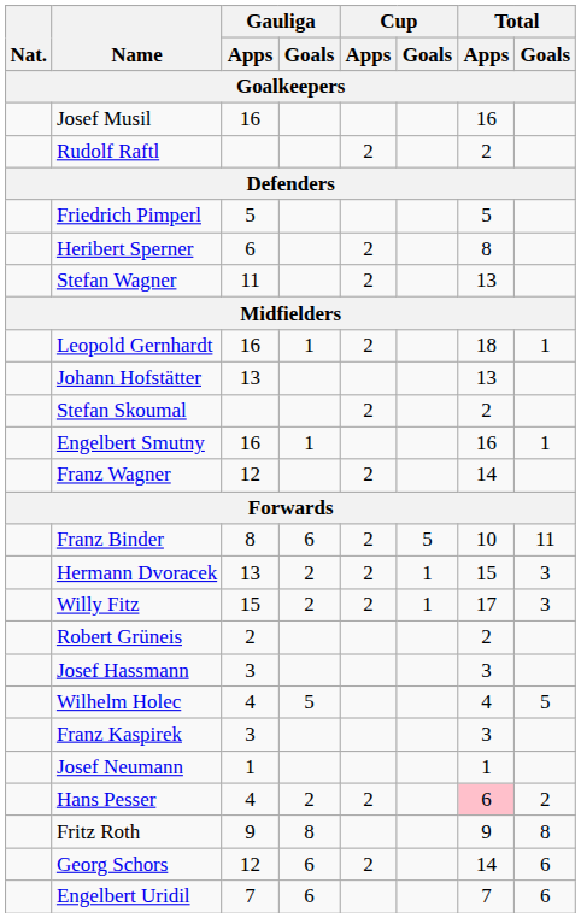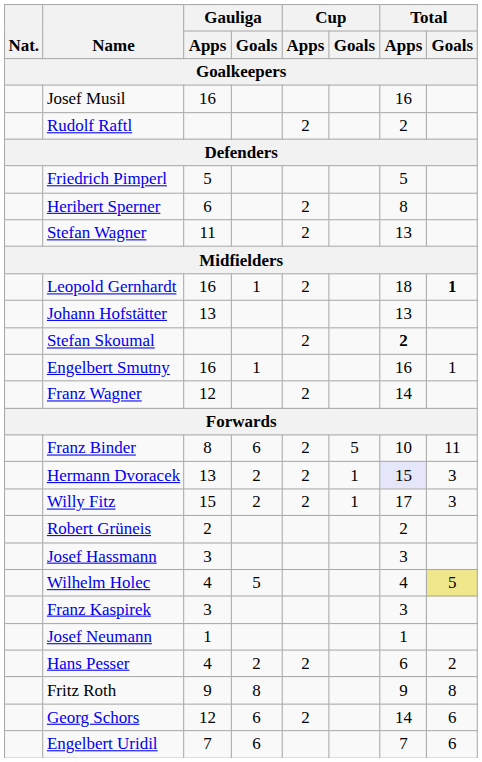 <table class="wikitable" style="text-align:center">
 <tr>
 <th rowspan="2" valign="bottom">Nat.</th>
 <th rowspan="2" valign="bottom">Name</th>
 <th colspan="2" width="85">Gauliga</th>
 <th colspan="2" width="85">Cup</th>
 <th colspan="2" width="85">Total</th>
 </tr>
 <tr>
 <th>Apps</th>
 <th>Goals</th>
 <th>Apps</th>
 <th>Goals</th>
 <th>Apps</th>
 <th>Goals</th>
 </tr>
 <tr>
 <th colspan=20>Goalkeepers</th>
 </tr>
 <tr>
 <td></td>
 <td align="left">Josef Musil</td>
 <td>16</td>
 <td></td>
 <td></td>
 <td></td>
 <td>16</td>
 <td></td>
 </tr>
 <tr>
 <td></td>
 <td align="left"><a href='#'>Rudolf Raftl</a></td>
 <td></td>
 <td></td>
 <td>2</td>
 <td></td>
 <td>2</td>
 <td></td>
 </tr>
 <tr>
 <th colspan=20>Defenders</th>
 </tr>
 <tr>
 <td></td>
 <td align="left"><a href='#'>Friedrich Pimperl</a></td>
 <td>5</td>
 <td></td>
 <td></td>
 <td></td>
 <td>5</td>
 <td></td>
 </tr>
 <tr>
 <td></td>
 <td align="left"><a href='#'>Heribert Sperner</a></td>
 <td>6</td>
 <td></td>
 <td>2</td>
 <td></td>
 <td>8</td>
 <td></td>
 </tr>
 <tr>
 <td></td>
 <td align="left"><a href='#'>Stefan Wagner</a></td>
 <td>11</td>
 <td></td>
 <td>2</td>
 <td></td>
 <td>13</td>
 <td></td>
 </tr>
 <tr>
 <th colspan=20>Midfielders</th>
 </tr>
 <tr>
 <td></td>
 <td align="left"><a href='#'>Leopold Gernhardt</a></td>
 <td>16</td>
 <td>1</td>
 <td>2</td>
 <td></td>
 <td>18</td>
-<td>1</td>
+<td><strong>1</strong></td>
 </tr>
 <tr>
 <td></td>
 <td align="left"><a href='#'>Johann Hofstätter</a></td>
 <td>13</td>
 <td></td>
 <td></td>
 <td></td>
 <td>13</td>
 <td></td>
 </tr>
 <tr>
 <td></td>
 <td align="left"><a href='#'>Stefan Skoumal</a></td>
 <td></td>
 <td></td>
 <td>2</td>
 <td></td>
-<td>2</td>
+<td><strong>2</strong></td>
 <td></td>
 </tr>
 <tr>
 <td></td>
 <td align="left"><a href='#'>Engelbert Smutny</a></td>
 <td>16</td>
 <td>1</td>
 <td></td>
 <td></td>
 <td>16</td>
 <td>1</td>
 </tr>
 <tr>
 <td></td>
 <td align="left"><a href='#'>Franz Wagner</a></td>
 <td>12</td>
 <td></td>
 <td>2</td>
 <td></td>
 <td>14</td>
 <td></td>
 </tr>
 <tr>
 <th colspan=20>Forwards</th>
 </tr>
 <tr>
 <td></td>
 <td align="left"><a href='#'>Franz Binder</a></td>
 <td>8</td>
 <td>6</td>
 <td>2</td>
 <td>5</td>
 <td>10</td>
 <td>11</td>
 </tr>
 <tr>
 <td></td>
 <td align="left"><a href='#'>Hermann Dvoracek</a></td>
 <td>13</td>
 <td>2</td>
 <td>2</td>
 <td>1</td>
-<td>15</td>
+<td style="background: lavender;">15</td>
 <td>3</td>
 </tr>
 <tr>
 <td></td>
 <td align="left"><a href='#'>Willy Fitz</a></td>
 <td>15</td>
 <td>2</td>
 <td>2</td>
 <td>1</td>
 <td>17</td>
 <td>3</td>
 </tr>
 <tr>
 <td></td>
 <td align="left"><a href='#'>Robert Grüneis</a></td>
 <td>2</td>
 <td></td>
 <td></td>
 <td></td>
 <td>2</td>
 <td></td>
 </tr>
 <tr>
 <td></td>
 <td align="left"><a href='#'>Josef Hassmann</a></td>
 <td>3</td>
 <td></td>
 <td></td>
 <td></td>
 <td>3</td>
 <td></td>
 </tr>
 <tr>
 <td></td>
 <td align="left"><a href='#'>Wilhelm Holec</a></td>
 <td>4</td>
 <td>5</td>
 <td></td>
 <td></td>
 <td>4</td>
-<td>5</td>
+<td style="background: khaki;">5</td>
 </tr>
 <tr>
 <td></td>
 <td align="left"><a href='#'>Franz Kaspirek</a></td>
 <td>3</td>
 <td></td>
 <td></td>
 <td></td>
 <td>3</td>
 <td></td>
 </tr>
 <tr>
 <td></td>
 <td align="left"><a href='#'>Josef Neumann</a></td>
 <td>1</td>
 <td></td>
 <td></td>
 <td></td>
 <td>1</td>
 <td></td>
 </tr>
 <tr>
 <td></td>
 <td align="left"><a href='#'>Hans Pesser</a></td>
 <td>4</td>
 <td>2</td>
 <td>2</td>
 <td></td>
-<td style="background: pink;">6</td>
+<td>6</td>
 <td>2</td>
 </tr>
 <tr>
 <td></td>
 <td align="left">Fritz Roth</td>
 <td>9</td>
 <td>8</td>
 <td></td>
 <td></td>
 <td>9</td>
 <td>8</td>
 </tr>
 <tr>
 <td></td>
 <td align="left"><a href='#'>Georg Schors</a></td>
 <td>12</td>
 <td>6</td>
 <td>2</td>
 <td></td>
 <td>14</td>
 <td>6</td>
 </tr>
 <tr>
 <td></td>
 <td align="left"><a href='#'>Engelbert Uridil</a></td>
 <td>7</td>
 <td>6</td>
 <td></td>
 <td></td>
 <td>7</td>
 <td>6</td>
 </tr>
 </table>
